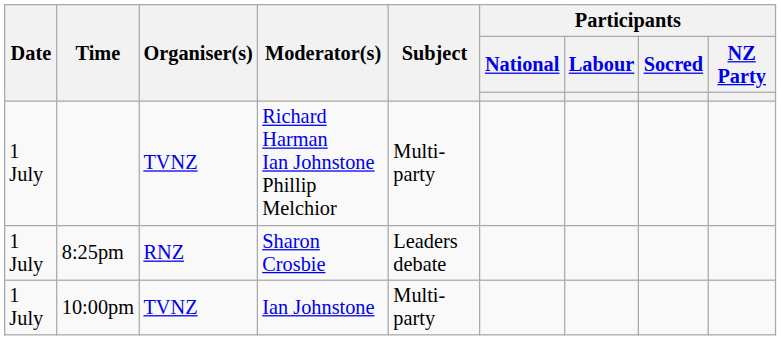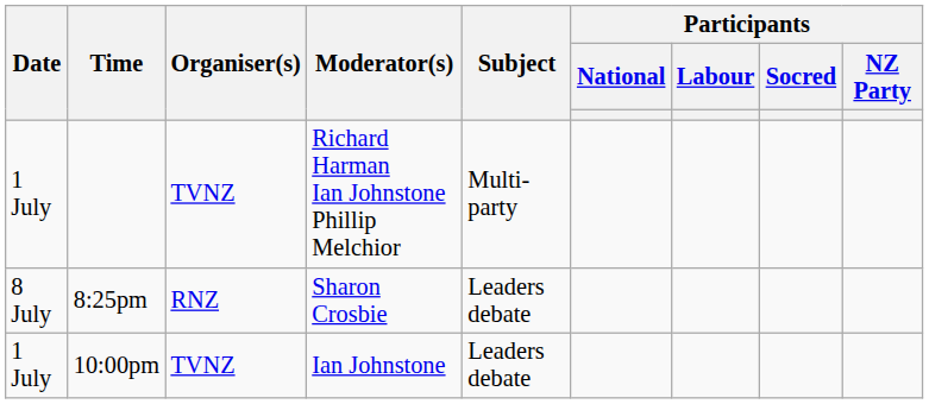 <table class="wikitable">
 <tr>
 <th rowspan="3">Date</th>
 <th rowspan="3">Time</th>
 <th rowspan="3">Organiser(s)</th>
 <th rowspan="3">Moderator(s)</th>
 <th rowspan="3">Subject</th>
 <th colspan="4">Participants</th>
 </tr>
 <tr>
 <th><a href='#'>National</a></th>
 <th><a href='#'>Labour</a></th>
 <th><a href='#'>Socred</a></th>
 <th><a href='#'>NZ Party</a></th>
 </tr>
 <tr>
 <th style="background:"></th>
 <th style="background:"></th>
 <th style="background:"></th>
 <th style="background:"></th>
 </tr>
 <tr>
 <td>1 July</td>
 <td></td>
 <td><a href='#'>TVNZ</a></td>
 <td><a href='#'>Richard Harman</a><br><a href='#'>Ian Johnstone</a><br>Phillip Melchior</td>
 <td>Multi-party</td>
 <td></td>
 <td></td>
 <td></td>
 <td></td>
 </tr>
 <tr>
-<td>1 July</td>
+<td>8 July </td>
 <td>8:25pm</td>
 <td><a href='#'>RNZ</a></td>
 <td><a href='#'>Sharon Crosbie</a></td>
 <td>Leaders debate</td>
 <td></td>
 <td></td>
 <td></td>
 <td></td>
 </tr>
 <tr>
 <td>1 July</td>
 <td>10:00pm</td>
 <td><a href='#'>TVNZ</a></td>
 <td><a href='#'>Ian Johnstone</a></td>
-<td>Multi-party</td>
+<td>Leaders debate</td>
 <td></td>
 <td></td>
 <td></td>
 <td></td>
 </tr>
 </table>
